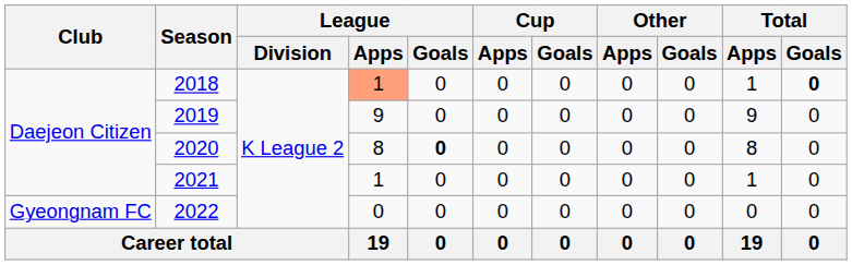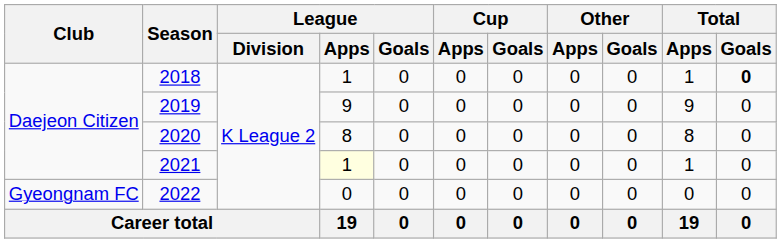 <table class="wikitable" style="text-align: center">
 <tr>
 <th rowspan="2">Club</th>
 <th rowspan="2">Season</th>
 <th colspan="3">League</th>
 <th colspan="2">Cup</th>
 <th colspan="2">Other</th>
 <th colspan="2">Total</th>
 </tr>
 <tr>
 <th>Division</th>
 <th>Apps</th>
 <th>Goals</th>
 <th>Apps</th>
 <th>Goals</th>
 <th>Apps</th>
 <th>Goals</th>
 <th>Apps</th>
 <th>Goals</th>
 </tr>
 <tr>
 <td rowspan="4"><a href='#'>Daejeon Citizen</a></td>
 <td><a href='#'>2018</a></td>
 <td rowspan="5"><a href='#'>K League 2</a></td>
-<td style="background: lightsalmon;">1</td>
+<td>1</td>
 <td>0</td>
 <td>0</td>
 <td>0</td>
 <td>0</td>
 <td>0</td>
 <td>1</td>
 <td><strong>0</strong></td>
 </tr>
 <tr>
 <td><a href='#'>2019</a></td>
 <td>9</td>
 <td>0</td>
 <td>0</td>
 <td>0</td>
 <td>0</td>
 <td>0</td>
 <td>9</td>
 <td>0</td>
 </tr>
 <tr>
 <td><a href='#'>2020</a></td>
 <td>8</td>
-<td><strong>0</strong></td>
+<td>0</td>
 <td>0</td>
 <td>0</td>
 <td>0</td>
 <td>0</td>
 <td>8</td>
 <td>0</td>
 </tr>
 <tr>
 <td><a href='#'>2021</a></td>
-<td>1</td>
+<td style="background: lightyellow;">1</td>
 <td>0</td>
 <td>0</td>
 <td>0</td>
 <td>0</td>
 <td>0</td>
 <td>1</td>
 <td>0</td>
 </tr>
 <tr>
 <td><a href='#'>Gyeongnam FC</a></td>
 <td><a href='#'>2022</a></td>
 <td>0</td>
 <td>0</td>
 <td>0</td>
 <td>0</td>
 <td>0</td>
 <td>0</td>
 <td>0</td>
 <td>0</td>
 </tr>
 <tr>
 <th colspan=3>Career total</th>
 <th>19</th>
 <th>0</th>
 <th>0</th>
 <th>0</th>
 <th>0</th>
 <th>0</th>
 <th>19</th>
 <th>0</th>
 </tr>
 </table>
